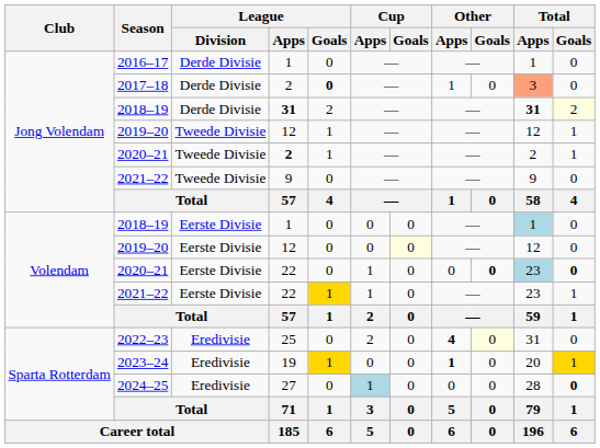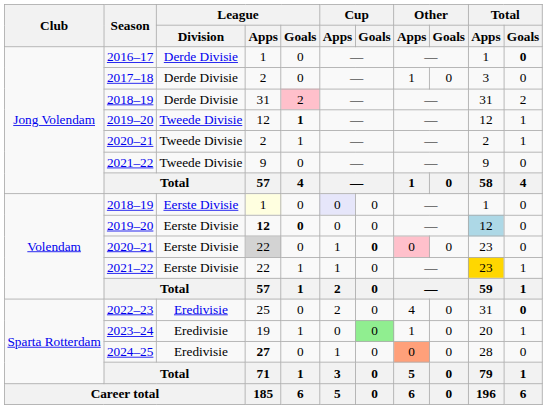 <table class="wikitable" style="text-align:center">
 <tr>
 <th rowspan="2">Club</th>
 <th rowspan="2">Season</th>
 <th colspan="3">League</th>
 <th colspan="2">Cup</th>
 <th colspan="2">Other</th>
 <th colspan="2">Total</th>
 </tr>
 <tr>
 <th>Division</th>
 <th>Apps</th>
 <th>Goals</th>
 <th>Apps</th>
 <th>Goals</th>
 <th>Apps</th>
 <th>Goals</th>
 <th>Apps</th>
 <th>Goals</th>
 </tr>
 <tr>
 <td rowspan="7"><a href='#'>Jong Volendam</a></td>
 <td><a href='#'>2016–17</a></td>
 <td><a href='#'>Derde Divisie</a></td>
 <td>1</td>
 <td>0</td>
 <td colspan="2">—</td>
 <td colspan="2">—</td>
 <td>1</td>
-<td>0</td>
+<td><strong>0</strong></td>
 </tr>
 <tr>
 <td><a href='#'>2017–18</a></td>
 <td>Derde Divisie</td>
 <td>2</td>
-<td><strong>0</strong></td>
+<td>0</td>
 <td colspan="2">—</td>
 <td>1</td>
 <td>0</td>
-<td style="background: lightsalmon;">3</td>
+<td>3</td>
 <td>0</td>
 </tr>
 <tr>
 <td><a href='#'>2018–19</a></td>
 <td>Derde Divisie</td>
-<td><strong>31</strong></td>
-<td>2</td>
+<td>31</td>
+<td style="background: pink;">2</td>
 <td colspan="2">—</td>
 <td colspan="2">—</td>
-<td><strong>31</strong></td>
-<td style="background: lightyellow;">2</td>
+<td>31</td>
+<td>2</td>
 </tr>
 <tr>
 <td><a href='#'>2019–20</a></td>
 <td><a href='#'>Tweede Divisie</a></td>
 <td>12</td>
-<td>1</td>
+<td><strong>1</strong></td>
 <td colspan="2">—</td>
 <td colspan="2">—</td>
 <td>12</td>
 <td>1</td>
 </tr>
 <tr>
 <td><a href='#'>2020–21</a></td>
 <td>Tweede Divisie</td>
-<td><strong>2</strong></td>
+<td>2</td>
 <td>1</td>
 <td colspan="2">—</td>
 <td colspan="2">—</td>
 <td>2</td>
 <td>1</td>
 </tr>
 <tr>
 <td><a href='#'>2021–22</a></td>
 <td>Tweede Divisie</td>
 <td>9</td>
 <td>0</td>
 <td colspan="2">—</td>
 <td colspan="2">—</td>
 <td>9</td>
 <td>0</td>
 </tr>
 <tr>
 <th colspan="2">Total</th>
 <th>57</th>
 <th>4</th>
 <th colspan="2">—</th>
 <th>1</th>
 <th>0</th>
 <th>58</th>
 <th>4</th>
 </tr>
 <tr>
 <td rowspan="5"><a href='#'>Volendam</a></td>
 <td><a href='#'>2018–19</a></td>
 <td><a href='#'>Eerste Divisie</a></td>
-<td>1</td>
+<td style="background: lightyellow;">1</td>
 <td>0</td>
-<td>0</td>
+<td style="background: lavender;">0</td>
 <td>0</td>
 <td colspan="2">—</td>
-<td style="background: lightblue;">1</td>
+<td>1</td>
 <td>0</td>
 </tr>
 <tr>
 <td><a href='#'>2019–20</a></td>
 <td>Eerste Divisie</td>
-<td>12</td>
+<td><strong>12</strong></td>
+<td><strong>0</strong></td>
 <td>0</td>
 <td>0</td>
-<td style="background: lightyellow;">0</td>
 <td colspan="2">—</td>
-<td>12</td>
+<td style="background: lightblue;">12</td>
 <td>0</td>
 </tr>
 <tr>
 <td><a href='#'>2020–21</a></td>
 <td>Eerste Divisie</td>
-<td>22</td>
+<td style="background: lightgrey;">22</td>
 <td>0</td>
 <td>1</td>
+<td><strong>0</strong></td>
+<td style="background: pink;">0</td>
 <td>0</td>
+<td>23</td>
 <td>0</td>
-<td><strong>0</strong></td>
-<td style="background: lightblue;">23</td>
-<td><strong>0</strong></td>
 </tr>
 <tr>
 <td><a href='#'>2021–22</a></td>
 <td>Eerste Divisie</td>
 <td>22</td>
-<td style="background: gold;">1</td>
+<td>1</td>
 <td>1</td>
 <td>0</td>
 <td colspan="2">—</td>
-<td>23</td>
+<td style="background: gold;">23</td>
 <td>1</td>
 </tr>
 <tr>
 <th colspan="2">Total</th>
 <th>57</th>
 <th>1</th>
 <th>2</th>
 <th>0</th>
 <th colspan="2">—</th>
 <th>59</th>
 <th>1</th>
 </tr>
 <tr>
 <td rowspan="4"><a href='#'>Sparta Rotterdam</a></td>
 <td><a href='#'>2022–23</a></td>
 <td><a href='#'>Eredivisie</a></td>
 <td>25</td>
 <td>0</td>
 <td>2</td>
 <td>0</td>
-<td><strong>4</strong></td>
-<td style="background: lightyellow;">0</td>
+<td>4</td>
+<td>0</td>
 <td>31</td>
-<td>0</td>
+<td><strong>0</strong></td>
 </tr>
 <tr>
 <td><a href='#'>2023–24</a></td>
 <td>Eredivisie</td>
 <td>19</td>
-<td style="background: gold;">1</td>
+<td>1</td>
 <td>0</td>
-<td>0</td>
-<td><strong>1</strong></td>
+<td style="background: lightgreen;">0</td>
+<td>1</td>
 <td>0</td>
 <td>20</td>
-<td style="background: gold;">1</td>
+<td>1</td>
 </tr>
 <tr>
 <td><a href='#'>2024–25</a></td>
 <td>Eredivisie</td>
-<td>27</td>
+<td><strong>27</strong></td>
 <td>0</td>
-<td style="background: lightblue;">1</td>
+<td>1</td>
 <td>0</td>
-<td>0</td>
+<td style="background: lightsalmon;">0</td>
 <td>0</td>
 <td>28</td>
-<td><strong>0</strong></td>
+<td>0</td>
 </tr>
 <tr>
 <th colspan="2">Total</th>
 <th>71</th>
 <th>1</th>
 <th>3</th>
 <th>0</th>
 <th>5</th>
 <th>0</th>
 <th>79</th>
 <th>1</th>
 </tr>
 <tr>
 <th colspan="3">Career total</th>
 <th>185</th>
 <th>6</th>
 <th>5</th>
 <th>0</th>
 <th>6</th>
 <th>0</th>
 <th>196</th>
 <th>6</th>
 </tr>
 </table>
